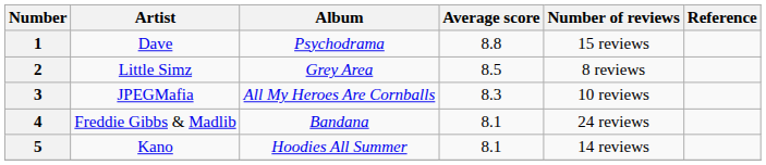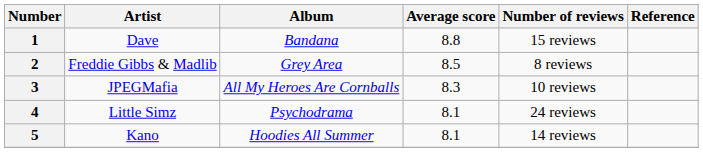 <table class="wikitable" style="text-align:center;">
 <tr>
 <th scope="col">Number</th>
 <th scope="col">Artist</th>
 <th scope="col">Album</th>
 <th scope="col">Average score</th>
 <th scope="col">Number of reviews</th>
 <th scope="col">Reference</th>
 </tr>
 <tr>
 <th>1</th>
 <td><a href='#'>Dave</a></td>
-<td><em><a href='#'>Psychodrama</a></em></td>
+<td><em><a href='#'>Bandana</a></em></td>
 <td>8.8</td>
 <td>15 reviews</td>
 <td></td>
 </tr>
 <tr>
 <th>2</th>
-<td><a href='#'>Little Simz</a></td>
+<td><a href='#'>Freddie Gibbs</a> & <a href='#'>Madlib</a></td>
 <td><em><a href='#'>Grey Area</a></em></td>
 <td>8.5</td>
 <td>8 reviews</td>
 <td></td>
 </tr>
 <tr>
 <th>3</th>
 <td><a href='#'>JPEGMafia</a></td>
 <td><em><a href='#'>All My Heroes Are Cornballs</a></em></td>
 <td>8.3</td>
 <td>10 reviews</td>
 <td></td>
 </tr>
 <tr>
 <th>4</th>
-<td><a href='#'>Freddie Gibbs</a> & <a href='#'>Madlib</a></td>
-<td><em><a href='#'>Bandana</a></em></td>
+<td><a href='#'>Little Simz</a></td>
+<td><em><a href='#'>Psychodrama</a></em></td>
 <td>8.1</td>
 <td>24 reviews</td>
 <td></td>
 </tr>
 <tr>
 <th>5</th>
 <td><a href='#'>Kano</a></td>
 <td><em><a href='#'>Hoodies All Summer</a></em></td>
 <td>8.1</td>
 <td>14 reviews</td>
 <td></td>
 </tr>
 <tr>
 </tr>
 </table>
